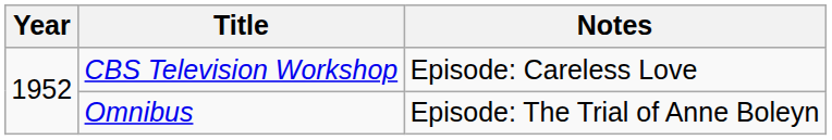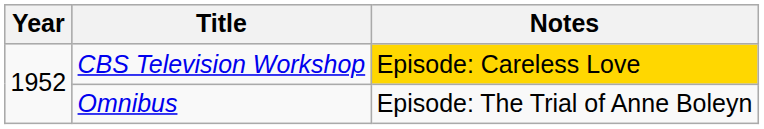 <table class="wikitable">
 <tr>
 <th>Year</th>
 <th>Title</th>
 <th>Notes</th>
 </tr>
 <tr>
 <td rowspan="2">1952</td>
 <td><em><a href='#'>CBS Television Workshop</a></em></td>
-<td>Episode: Careless Love</td>
+<td style="background: gold;">Episode: Careless Love</td>
 </tr>
 <tr>
 <td><em><a href='#'>Omnibus</a></em></td>
 <td>Episode: The Trial of Anne Boleyn</td>
 </tr>
 </table>
